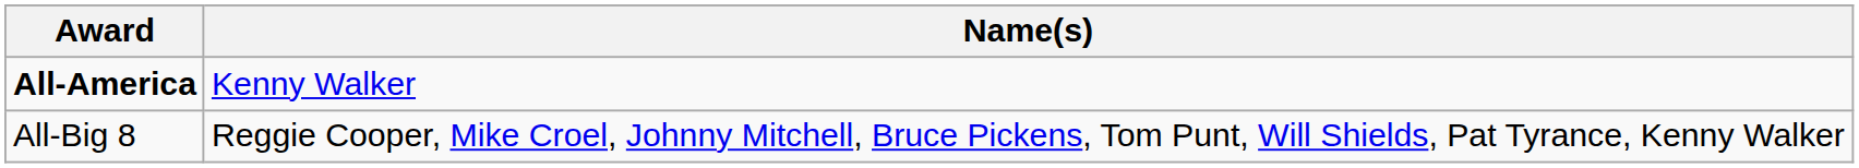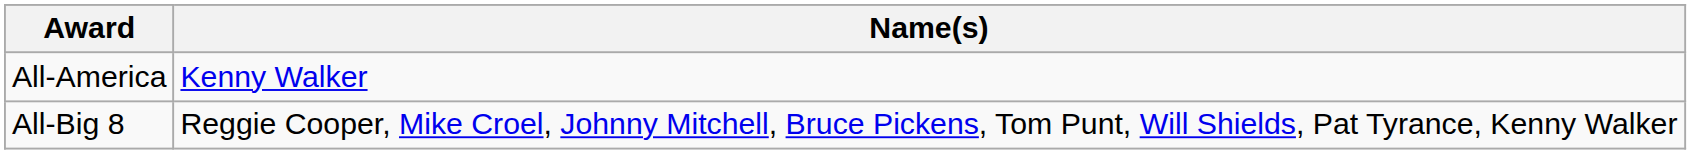 <table class="wikitable">
 <tr>
 <th>Award</th>
 <th>Name(s)</th>
 </tr>
 <tr>
-<td><strong>All-America</strong></td>
+<td>All-America</td>
 <td><a href='#'>Kenny Walker</a></td>
 </tr>
 <tr>
 <td>All-Big 8</td>
 <td>Reggie Cooper, <a href='#'>Mike Croel</a>, <a href='#'>Johnny Mitchell</a>, <a href='#'>Bruce Pickens</a>, Tom Punt, <a href='#'>Will Shields</a>, Pat Tyrance, Kenny Walker</td>
 </tr>
 </table>
